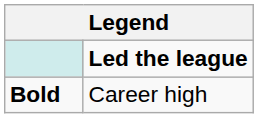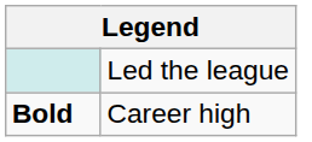 <table class="wikitable mw-collapsible">
 <tr>
 <th colspan="2">Legend</th>
 </tr>
 <tr>
 <td style="background:#cfecec; width:3em;"></td>
-<td><strong>Led the league</strong></td>
+<td>Led the league</td>
 </tr>
 <tr>
 <td style="width:3em;"><strong>Bold</strong></td>
 <td>Career high</td>
 </tr>
 </table>
